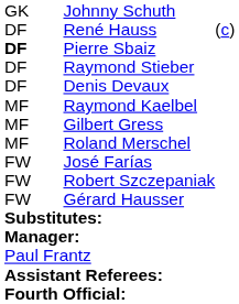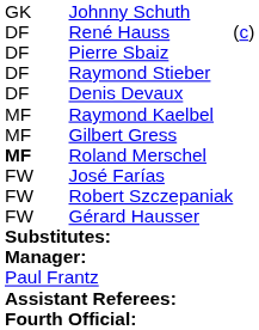 <table style=font-size:90% cellspacing=0 cellpadding=0>
 <tr>
 <td colspan=4></td>
 </tr>
 <tr>
 <th width=25></th>
 <th width=25></th>
 </tr>
 <tr>
 <td>GK</td>
 <td><strong> </strong></td>
 <td> <a href='#'>Johnny Schuth</a></td>
 </tr>
 <tr>
 <td>DF</td>
 <td><strong> </strong></td>
 <td> <a href='#'>René Hauss</a></td>
 <td>(<a href='#'>c</a>)</td>
 </tr>
 <tr>
-<td><strong>DF</strong></td>
+<td>DF</td>
 <td><strong> </strong></td>
 <td> <a href='#'>Pierre Sbaiz</a></td>
 </tr>
 <tr>
 <td>DF</td>
 <td><strong> </strong></td>
 <td> <a href='#'>Raymond Stieber</a></td>
 </tr>
 <tr>
 <td>DF</td>
 <td><strong> </strong></td>
 <td> <a href='#'>Denis Devaux</a></td>
 </tr>
 <tr>
 <td>MF</td>
 <td><strong> </strong></td>
 <td> <a href='#'>Raymond Kaelbel</a></td>
 </tr>
 <tr>
 <td>MF</td>
 <td><strong> </strong></td>
 <td> <a href='#'>Gilbert Gress</a></td>
 </tr>
 <tr>
-<td>MF</td>
+<td><strong>MF</strong></td>
 <td><strong> </strong></td>
 <td> <a href='#'>Roland Merschel</a></td>
 </tr>
 <tr>
 <td>FW</td>
 <td><strong> </strong></td>
 <td> <a href='#'>José Farías</a></td>
 </tr>
 <tr>
 <td>FW</td>
 <td><strong> </strong></td>
 <td> <a href='#'>Robert Szczepaniak</a></td>
 </tr>
 <tr>
 <td>FW</td>
 <td><strong> </strong></td>
 <td> <a href='#'>Gérard Hausser</a></td>
 </tr>
 <tr>
 <td colspan=3><strong>Substitutes:</strong></td>
 </tr>
 <tr>
 <td colspan=3><strong>Manager:</strong></td>
 </tr>
 <tr>
 <td colspan=4> <a href='#'>Paul Frantz</a><br><strong>Assistant Referees:</strong><br> <strong>Fourth Official:</strong><br></td>
 </tr>
 </table>
